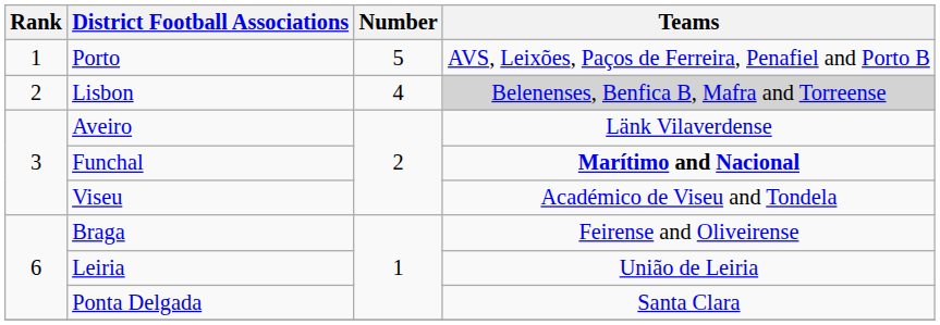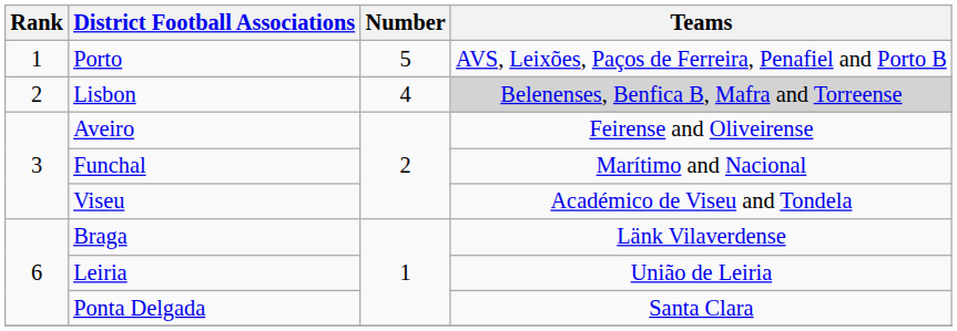 <table class="wikitable">
 <tr>
 <th>Rank</th>
 <th><a href='#'>District Football Associations</a></th>
 <th>Number</th>
 <th>Teams</th>
 </tr>
 <tr>
 <td align=center>1</td>
 <td> <a href='#'>Porto</a></td>
 <td align=center>5</td>
 <td align=center><a href='#'>AVS</a>, <a href='#'>Leixões</a>, <a href='#'>Paços de Ferreira</a>, <a href='#'>Penafiel</a> and <a href='#'>Porto B</a></td>
 </tr>
 <tr>
 <td align=center>2</td>
 <td> <a href='#'>Lisbon</a></td>
 <td align=center>4</td>
 <td align=center style="background: lightgrey;"><a href='#'>Belenenses</a>, <a href='#'>Benfica B</a>, <a href='#'>Mafra</a> and <a href='#'>Torreense</a></td>
 </tr>
 <tr>
 <td rowspan=3 align=center>3</td>
 <td> <a href='#'>Aveiro</a></td>
 <td rowspan=3 align=center>2</td>
-<td align=center><a href='#'>Länk Vilaverdense</a></td>
+<td align=center><a href='#'>Feirense</a> and <a href='#'>Oliveirense</a></td>
 </tr>
 <tr>
 <td> <a href='#'>Funchal</a></td>
-<td align=center><strong><a href='#'>Marítimo</a> and <a href='#'>Nacional</a></strong></td>
+<td align=center><a href='#'>Marítimo</a> and <a href='#'>Nacional</a></td>
 </tr>
 <tr>
 <td> <a href='#'>Viseu</a></td>
 <td align=center><a href='#'>Académico de Viseu</a> and <a href='#'>Tondela</a></td>
 </tr>
 <tr>
 <td rowspan=3 align=center>6</td>
 <td> <a href='#'>Braga</a></td>
 <td rowspan=3 align=center>1</td>
-<td align=center><a href='#'>Feirense</a> and <a href='#'>Oliveirense</a></td>
+<td align=center><a href='#'>Länk Vilaverdense</a></td>
 </tr>
 <tr>
 <td> <a href='#'>Leiria</a></td>
 <td align=center><a href='#'>União de Leiria</a></td>
 </tr>
 <tr>
 <td> <a href='#'>Ponta Delgada</a></td>
 <td align=center><a href='#'>Santa Clara</a></td>
 </tr>
 <tr>
 </tr>
 </table>
